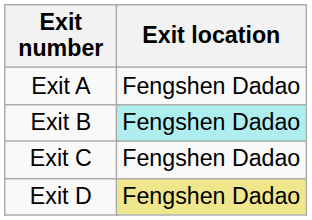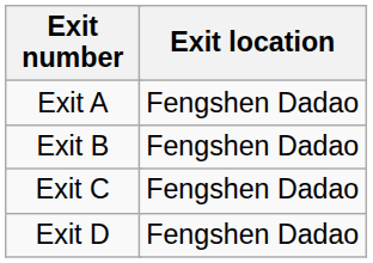 <table class="wikitable">
 <tr>
 <th style="width:70px" colspan="2">Exit number</th>
 <th>Exit location</th>
 </tr>
 <tr>
 <td align="center" colspan="2">Exit A</td>
 <td>Fengshen Dadao</td>
 </tr>
 <tr>
 <td align="center" colspan="2">Exit B</td>
-<td style="background: paleturquoise;">Fengshen Dadao</td>
+<td>Fengshen Dadao</td>
 </tr>
 <tr>
 <td align="center" colspan="2">Exit C</td>
 <td>Fengshen Dadao</td>
 </tr>
 <tr>
 <td align="center" colspan="2">Exit D</td>
-<td style="background: khaki;">Fengshen Dadao</td>
+<td>Fengshen Dadao</td>
 </tr>
 </table>
